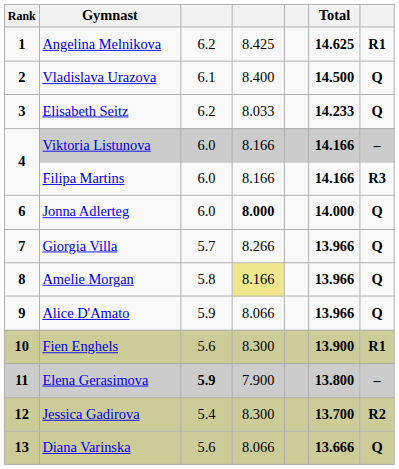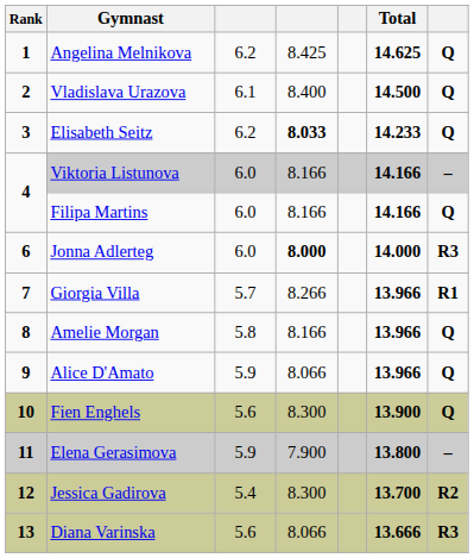 <table style="text-align:center;" class="wikitable sortable">
 <tr>
 <th scope="col" style="width:15px;"><small>Rank</small></th>
 <th scope="col" style="width:150px;">Gymnast</th>
 <th scope="col" style="width:50px;"><small></small></th>
 <th scope="col" style="width:50px;"><small></small></th>
 <th scope="col" style="width:20px;"><small></small></th>
 <th scope="col" style="width:50px;">Total</th>
 <th scope="col" style="width:30px;"><small></small></th>
 </tr>
 <tr>
 <td scope="row" style="text-align:center"><strong>1</strong></td>
 <td style="height:30px; text-align:left;"> <a href='#'>Angelina Melnikova</a></td>
 <td>6.2</td>
 <td>8.425</td>
 <td></td>
 <td><strong>14.625</strong></td>
-<td><strong>R1</strong></td>
+<td><strong>Q</strong></td>
 </tr>
 <tr>
 <td scope="row" style="text-align:center"><strong>2</strong></td>
 <td style="height:30px; text-align:left;"> <a href='#'>Vladislava Urazova</a></td>
 <td>6.1</td>
 <td>8.400</td>
 <td></td>
 <td><strong>14.500</strong></td>
 <td><strong>Q</strong></td>
 </tr>
 <tr>
 <td scope="row" style="text-align:center"><strong>3</strong></td>
 <td style="height:30px; text-align:left;"> <a href='#'>Elisabeth Seitz</a></td>
 <td>6.2</td>
-<td>8.033</td>
+<td><strong>8.033</strong></td>
 <td></td>
 <td><strong>14.233</strong></td>
 <td><strong>Q</strong></td>
 </tr>
 <tr>
 <td rowspan=2 scope="row" style="text-align:center"><strong>4</strong></td>
 <td style="background:#cccccc; height:30px; text-align:left;"> <a href='#'>Viktoria Listunova</a></td>
 <td style="background:#cccccc;">6.0</td>
 <td style="background:#cccccc;">8.166</td>
 <td style="background:#cccccc;"></td>
 <td style="background:#cccccc;"><strong>14.166</strong></td>
 <td style="background:#cccccc;"><strong>–</strong></td>
 </tr>
 <tr>
 <td style="height:30px; text-align:left;"> <a href='#'>Filipa Martins</a></td>
 <td>6.0</td>
 <td>8.166</td>
 <td></td>
 <td><strong>14.166</strong></td>
-<td><strong>R3</strong></td>
+<td><strong>Q</strong></td>
 </tr>
 <tr>
 <td scope="row" style="text-align:center"><strong>6</strong></td>
 <td style="height:30px; text-align:left;"> <a href='#'>Jonna Adlerteg</a></td>
 <td>6.0</td>
 <td><strong>8.000</strong></td>
 <td></td>
 <td><strong>14.000</strong></td>
-<td><strong>Q</strong></td>
+<td><strong>R3</strong></td>
 </tr>
 <tr>
 <td scope="row" style="text-align:center"><strong>7</strong></td>
 <td style="height:30px; text-align:left;"> <a href='#'>Giorgia Villa</a></td>
 <td>5.7</td>
 <td>8.266</td>
 <td></td>
 <td><strong>13.966</strong></td>
-<td><strong>Q</strong></td>
+<td><strong>R1</strong></td>
 </tr>
 <tr>
 <td scope="row" style="text-align:center"><strong>8</strong></td>
 <td style="height:30px; text-align:left;"> <a href='#'>Amelie Morgan</a></td>
 <td>5.8</td>
-<td style="background: khaki;">8.166</td>
+<td>8.166</td>
 <td></td>
 <td><strong>13.966</strong></td>
 <td><strong>Q</strong></td>
 </tr>
 <tr>
 <td scope="row" style="text-align:center"><strong>9</strong></td>
 <td style="height:30px; text-align:left;"> <a href='#'>Alice D'Amato</a></td>
 <td>5.9</td>
 <td>8.066</td>
 <td></td>
 <td><strong>13.966</strong></td>
 <td><strong>Q</strong></td>
 </tr>
 <tr style="background:#cccc99;">
 <td scope="row" style="text-align:center"><strong>10</strong></td>
 <td style="height:30px; text-align:left;"> <a href='#'>Fien Enghels</a></td>
 <td>5.6</td>
 <td>8.300</td>
 <td></td>
 <td><strong>13.900</strong></td>
-<td><strong>R1</strong></td>
+<td><strong>Q</strong></td>
 </tr>
 <tr style="background:#cccccc;">
 <td scope="row" style="text-align:center"><strong>11</strong></td>
 <td style="height:30px; text-align:left;"> <a href='#'>Elena Gerasimova</a></td>
-<td><strong>5.9</strong></td>
+<td>5.9</td>
 <td>7.900</td>
 <td></td>
 <td><strong>13.800</strong></td>
 <td><strong>–</strong></td>
 </tr>
 <tr style="background:#cccc99;">
 <td scope="row" style="text-align:center"><strong>12</strong></td>
 <td style="height:30px; text-align:left;"> <a href='#'>Jessica Gadirova</a></td>
 <td>5.4</td>
 <td>8.300</td>
 <td></td>
 <td><strong>13.700</strong></td>
 <td><strong>R2</strong></td>
 </tr>
 <tr style="background:#cccc99;">
 <td scope="row" style="text-align:center"><strong>13</strong></td>
 <td style="height:30px; text-align:left;"> <a href='#'>Diana Varinska</a></td>
 <td>5.6</td>
 <td>8.066</td>
 <td></td>
 <td><strong>13.666</strong></td>
-<td><strong>Q</strong></td>
+<td><strong>R3</strong></td>
 </tr>
 </table>
